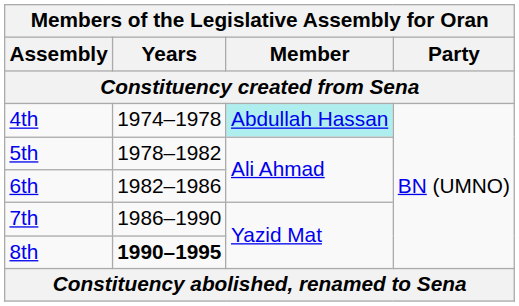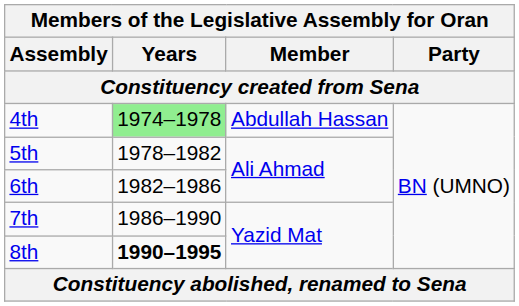 <table class=wikitable>
 <tr>
 <th colspan=4>Members of the Legislative Assembly for Oran</th>
 </tr>
 <tr>
 <th>Assembly</th>
 <th>Years</th>
 <th>Member</th>
 <th>Party</th>
 </tr>
 <tr>
 <th colspan=4 align=center><em>Constituency created from Sena</em></th>
 </tr>
 <tr>
 <td><a href='#'>4th</a></td>
-<td>1974–1978</td>
-<td style="background: paleturquoise;"><a href='#'>Abdullah Hassan</a></td>
+<td style="background: lightgreen;">1974–1978</td>
+<td><a href='#'>Abdullah Hassan</a></td>
 <td rowspan=5><a href='#'>BN</a> (UMNO)</td>
 </tr>
 <tr>
 <td><a href='#'>5th</a></td>
 <td>1978–1982</td>
 <td rowspan=2><a href='#'>Ali Ahmad</a></td>
 </tr>
 <tr>
 <td><a href='#'>6th</a></td>
 <td>1982–1986</td>
 </tr>
 <tr>
 <td><a href='#'>7th</a></td>
 <td>1986–1990</td>
 <td rowspan=2><a href='#'>Yazid Mat</a></td>
 </tr>
 <tr>
 <td><a href='#'>8th</a></td>
 <td><strong>1990–1995</strong></td>
 </tr>
 <tr>
 <th colspan=4 align=center><em>Constituency abolished, renamed to Sena</em></th>
 </tr>
 </table>
